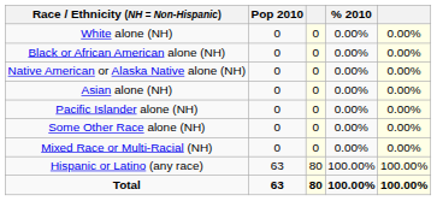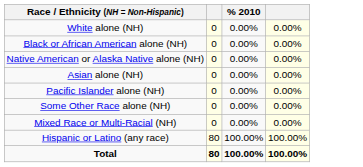 <table class="wikitable" style="text-align:center;">
 <tr>
 <th>Race / Ethnicity <small>(<em>NH = Non-Hispanic</em>)</small></th>
-<th>Pop 2010</th>
 <th></th>
 <th>% 2010</th>
 <th></th>
 </tr>
 <tr>
 <td><a href='#'>White</a> alone (NH)</td>
-<td>0</td>
 <td style='background: #ffffe6;'>0</td>
 <td>0.00%</td>
 <td style='background: #ffffe6;'>0.00%</td>
 </tr>
 <tr>
 <td><a href='#'>Black or African American</a> alone (NH)</td>
-<td>0</td>
 <td style='background: #ffffe6;'>0</td>
 <td>0.00%</td>
 <td style='background: #ffffe6;'>0.00%</td>
 </tr>
 <tr>
 <td><a href='#'>Native American</a> or <a href='#'>Alaska Native</a> alone (NH)</td>
-<td>0</td>
 <td style='background: #ffffe6;'>0</td>
 <td>0.00%</td>
 <td style='background: #ffffe6;'>0.00%</td>
 </tr>
 <tr>
 <td><a href='#'>Asian</a> alone (NH)</td>
-<td>0</td>
 <td style='background: #ffffe6;'>0</td>
 <td>0.00%</td>
 <td style='background: #ffffe6;'>0.00%</td>
 </tr>
 <tr>
 <td><a href='#'>Pacific Islander</a> alone (NH)</td>
-<td>0</td>
 <td style='background: #ffffe6;'>0</td>
 <td>0.00%</td>
 <td style='background: #ffffe6;'>0.00%</td>
 </tr>
 <tr>
 <td><a href='#'>Some Other Race</a> alone (NH)</td>
-<td>0</td>
 <td style='background: #ffffe6;'>0</td>
 <td>0.00%</td>
 <td style='background: #ffffe6;'>0.00%</td>
 </tr>
 <tr>
 <td><a href='#'>Mixed Race or Multi-Racial</a> (NH)</td>
-<td>0</td>
 <td style='background: #ffffe6;'>0</td>
 <td>0.00%</td>
 <td style='background: #ffffe6;'>0.00%</td>
 </tr>
 <tr>
 <td><a href='#'>Hispanic or Latino</a> (any race)</td>
-<td>63</td>
 <td style='background: #ffffe6;'>80</td>
 <td>100.00%</td>
 <td style='background: #ffffe6;'>100.00%</td>
 </tr>
 <tr>
 <td><strong>Total</strong></td>
-<td><strong>63</strong></td>
 <td style='background: #ffffe6;'><strong>80</strong></td>
 <td><strong>100.00%</strong></td>
 <td style='background: #ffffe6;'><strong>100.00%</strong></td>
 </tr>
 </table>
